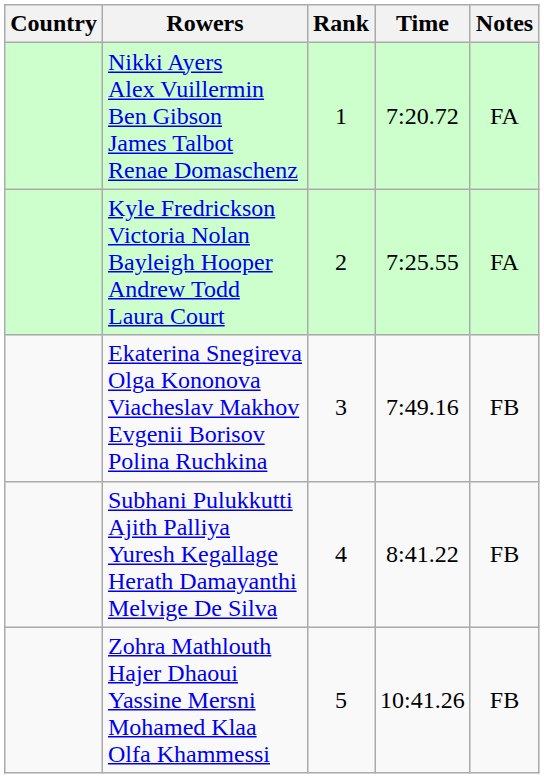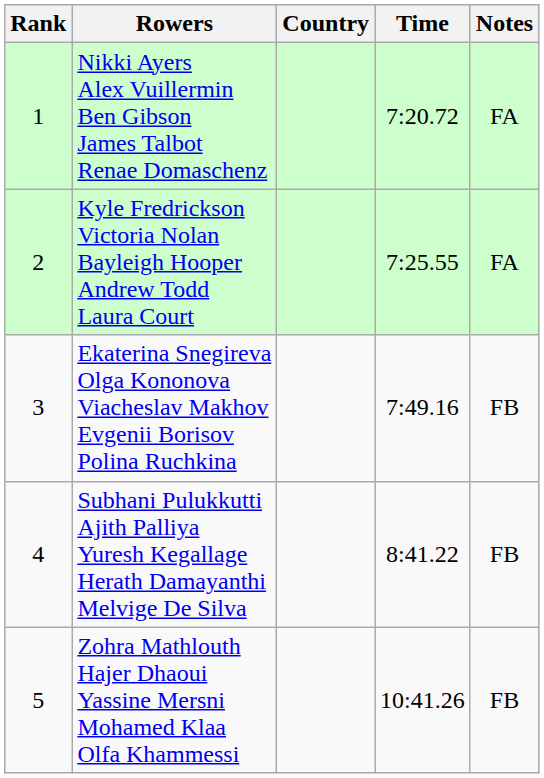 <table class="wikitable" style="text-align:center">
 <tr>
+<th>Rank</th>
+<th>Rowers</th>
 <th>Country</th>
-<th>Rowers</th>
-<th>Rank</th>
 <th>Time</th>
 <th>Notes</th>
 </tr>
 <tr bgcolor=ccffcc>
+<td>1</td>
+<td align="left"><a href='#'>Nikki Ayers</a><br><a href='#'>Alex Vuillermin</a><br><a href='#'>Ben Gibson</a><br><a href='#'>James Talbot</a><br><a href='#'>Renae Domaschenz</a></td>
 <td align="left"></td>
-<td align="left"><a href='#'>Nikki Ayers</a><br><a href='#'>Alex Vuillermin</a><br><a href='#'>Ben Gibson</a><br><a href='#'>James Talbot</a><br><a href='#'>Renae Domaschenz</a></td>
-<td>1</td>
 <td>7:20.72</td>
 <td>FA</td>
 </tr>
 <tr bgcolor=ccffcc>
+<td>2</td>
+<td align="left"><a href='#'>Kyle Fredrickson</a><br><a href='#'>Victoria Nolan</a><br><a href='#'>Bayleigh Hooper</a><br><a href='#'>Andrew Todd</a><br><a href='#'>Laura Court</a></td>
 <td align="left"></td>
-<td align="left"><a href='#'>Kyle Fredrickson</a><br><a href='#'>Victoria Nolan</a><br><a href='#'>Bayleigh Hooper</a><br><a href='#'>Andrew Todd</a><br><a href='#'>Laura Court</a></td>
-<td>2</td>
 <td>7:25.55</td>
 <td>FA</td>
 </tr>
 <tr>
+<td>3</td>
+<td align="left"><a href='#'>Ekaterina Snegireva</a><br><a href='#'>Olga Kononova</a><br><a href='#'>Viacheslav Makhov</a><br><a href='#'>Evgenii Borisov</a><br><a href='#'>Polina Ruchkina</a></td>
 <td align="left"></td>
-<td align="left"><a href='#'>Ekaterina Snegireva</a><br><a href='#'>Olga Kononova</a><br><a href='#'>Viacheslav Makhov</a><br><a href='#'>Evgenii Borisov</a><br><a href='#'>Polina Ruchkina</a></td>
-<td>3</td>
 <td>7:49.16</td>
 <td>FB</td>
 </tr>
 <tr>
+<td>4</td>
+<td align="left"><a href='#'>Subhani Pulukkutti</a><br><a href='#'>Ajith Palliya</a><br><a href='#'>Yuresh Kegallage</a><br><a href='#'>Herath Damayanthi</a><br><a href='#'>Melvige De Silva</a></td>
 <td align="left"></td>
-<td align="left"><a href='#'>Subhani Pulukkutti</a><br><a href='#'>Ajith Palliya</a><br><a href='#'>Yuresh Kegallage</a><br><a href='#'>Herath Damayanthi</a><br><a href='#'>Melvige De Silva</a></td>
-<td>4</td>
 <td>8:41.22</td>
 <td>FB</td>
 </tr>
 <tr>
+<td>5</td>
+<td align="left"><a href='#'>Zohra Mathlouth</a><br><a href='#'>Hajer Dhaoui</a><br><a href='#'>Yassine Mersni</a><br><a href='#'>Mohamed Klaa</a><br><a href='#'>Olfa Khammessi</a></td>
 <td align="left"></td>
-<td align="left"><a href='#'>Zohra Mathlouth</a><br><a href='#'>Hajer Dhaoui</a><br><a href='#'>Yassine Mersni</a><br><a href='#'>Mohamed Klaa</a><br><a href='#'>Olfa Khammessi</a></td>
-<td>5</td>
 <td>10:41.26</td>
 <td>FB</td>
 </tr>
 </table>
